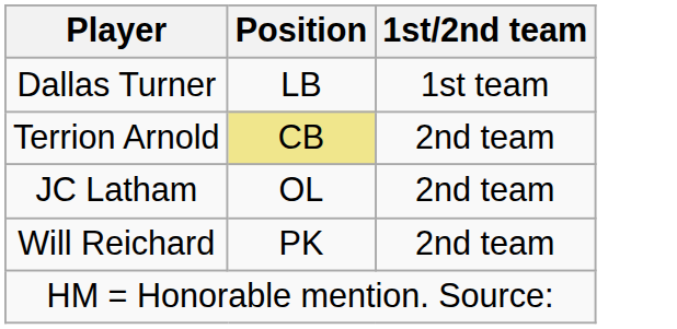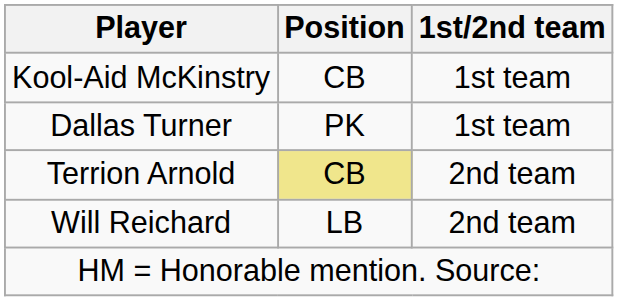 <table class="wikitable" style="text-align: center">
 <tr align=center>
 <th>Player</th>
 <th>Position</th>
 <th>1st/2nd team</th>
 </tr>
 <tr>
+<td>Kool-Aid McKinstry</td>
+<td>CB</td>
+<td>1st team</td>
+</tr>
+<tr>
 <td>Dallas Turner</td>
-<td>LB</td>
+<td>PK</td>
 <td>1st team</td>
 </tr>
 <tr>
 <td>Terrion Arnold</td>
 <td style="background: khaki;">CB</td>
 <td>2nd team</td>
 </tr>
 <tr>
-<td>JC Latham</td>
-<td>OL</td>
-<td>2nd team</td>
-</tr>
-<tr>
 <td>Will Reichard</td>
-<td>PK</td>
+<td>LB</td>
 <td>2nd team</td>
 </tr>
 <tr>
 <td colspan="3">HM = Honorable mention. Source:</td>
 </tr>
 </table>
